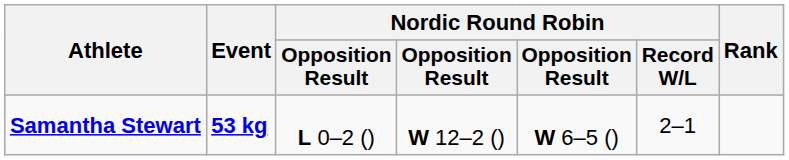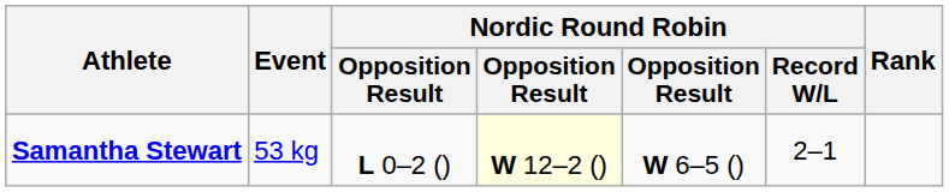 <table class="wikitable" style="font-size:90%;">
 <tr>
 <th rowspan=2>Athlete</th>
 <th rowspan=2>Event</th>
 <th colspan=4>Nordic Round Robin</th>
 <th rowspan=2>Rank</th>
 </tr>
 <tr style="font-size: 95%">
 <th>Opposition<br>Result</th>
 <th>Opposition<br>Result</th>
 <th>Opposition<br>Result</th>
 <th>Record<br>W/L</th>
 </tr>
 <tr align=center>
 <td align=left><strong><a href='#'>Samantha Stewart</a></strong></td>
-<td align=left><strong><a href='#'>53 kg</a></strong></td>
+<td align=left><a href='#'>53 kg</a></td>
 <td><br><strong>L</strong> 0–2 ()</td>
-<td><br><strong>W</strong> 12–2 ()</td>
+<td style="background: lightyellow;"><br><strong>W</strong> 12–2 ()</td>
 <td><br><strong>W</strong> 6–5 ()</td>
 <td>2–1</td>
 <td></td>
 </tr>
 </table>
